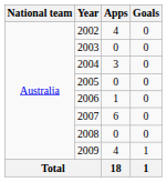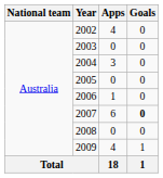 <table class="wikitable" style="text-align:center">
 <tr>
 <th>National team</th>
 <th>Year</th>
 <th>Apps</th>
 <th>Goals</th>
 </tr>
 <tr>
 <td rowspan="8"><a href='#'>Australia</a></td>
 <td>2002</td>
 <td>4</td>
 <td>0</td>
 </tr>
 <tr>
 <td>2003</td>
 <td>0</td>
 <td>0</td>
 </tr>
 <tr>
 <td>2004</td>
 <td>3</td>
 <td>0</td>
 </tr>
 <tr>
 <td>2005</td>
 <td>0</td>
 <td>0</td>
 </tr>
 <tr>
 <td>2006</td>
 <td>1</td>
 <td>0</td>
 </tr>
 <tr>
 <td>2007</td>
 <td>6</td>
-<td>0</td>
+<td><strong>0</strong></td>
 </tr>
 <tr>
 <td>2008</td>
 <td>0</td>
 <td>0</td>
 </tr>
 <tr>
 <td>2009</td>
 <td>4</td>
 <td>1</td>
 </tr>
 <tr>
 <th colspan="2">Total</th>
 <th>18</th>
 <th>1</th>
 </tr>
 </table>
